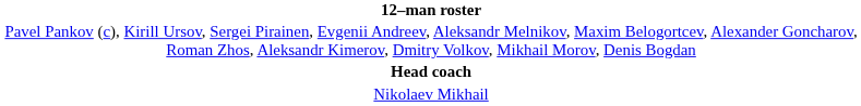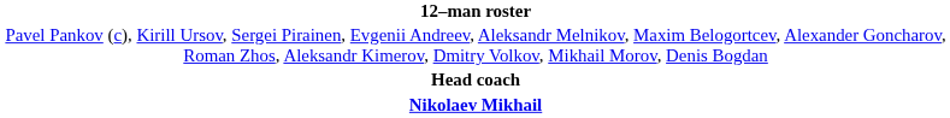 <table style="text-align: center; margin-top: 2em; margin-left: auto; margin-right: auto">
 <tr>
 <td><strong>12–man roster</strong></td>
 </tr>
 <tr>
 <td><a href='#'>Pavel Pankov</a> (<a href='#'>c</a>), <a href='#'>Kirill Ursov</a>, <a href='#'>Sergei Pirainen</a>, <a href='#'>Evgenii Andreev</a>, <a href='#'>Aleksandr Melnikov</a>, <a href='#'>Maxim Belogortcev</a>, <a href='#'>Alexander Goncharov</a>, <a href='#'>Roman Zhos</a>, <a href='#'>Aleksandr Kimerov</a>, <a href='#'>Dmitry Volkov</a>, <a href='#'>Mikhail Morov</a>, <a href='#'>Denis Bogdan</a></td>
 </tr>
 <tr>
 <td><strong>Head coach</strong></td>
 </tr>
 <tr>
-<td><a href='#'>Nikolaev Mikhail</a></td>
+<td><strong><a href='#'>Nikolaev Mikhail</a></strong></td>
 </tr>
 </table>
